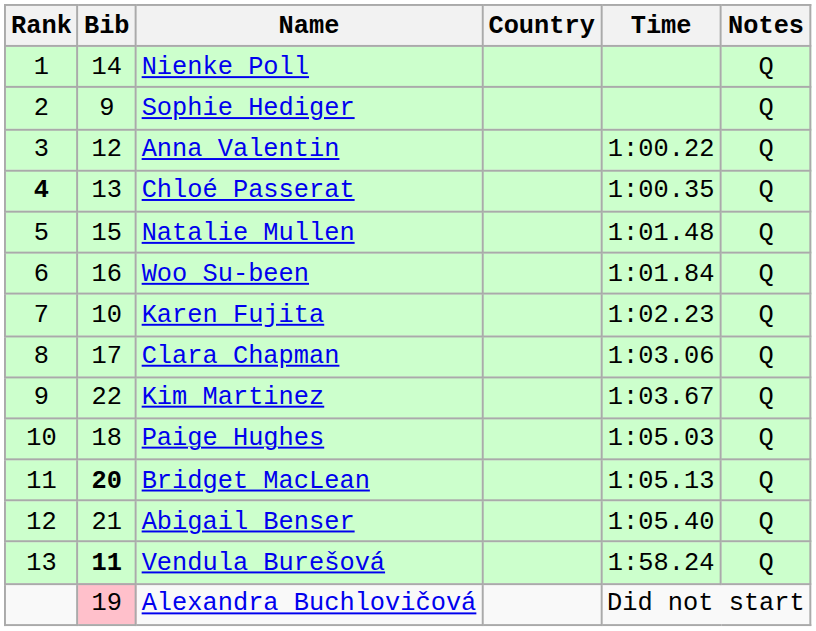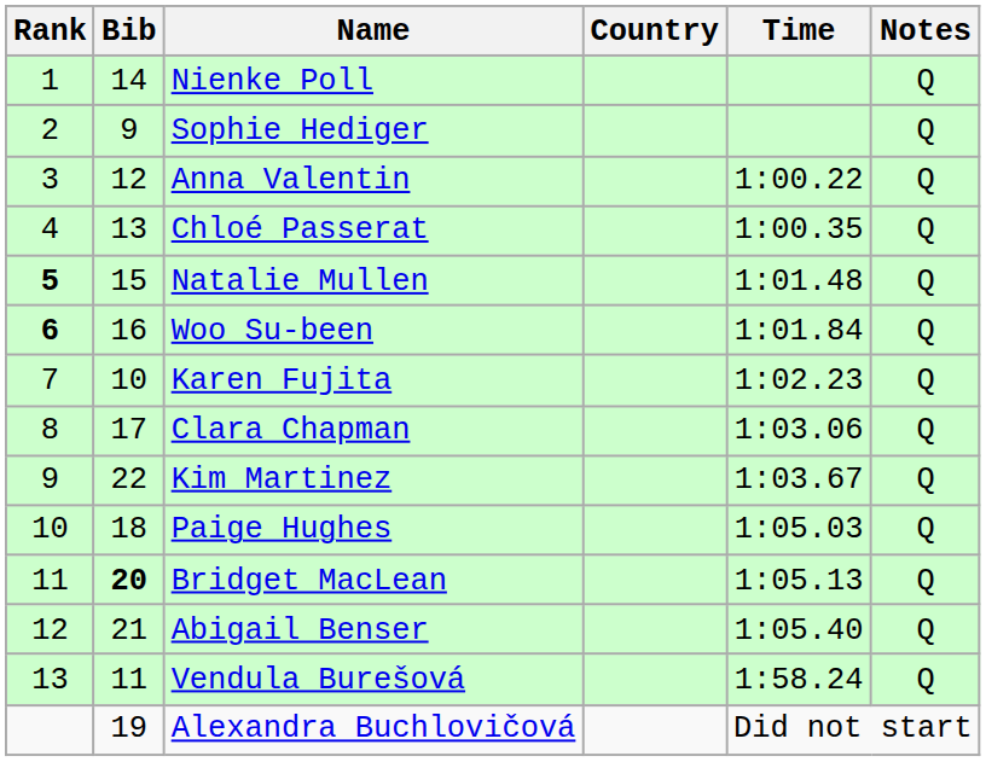 <table class="wikitable sortable" style="text-align:center">
 <tr>
 <th>Rank</th>
 <th>Bib</th>
 <th>Name</th>
 <th>Country</th>
 <th>Time</th>
 <th>Notes</th>
 </tr>
 <tr bgcolor=ccffcc>
 <td>1</td>
 <td>14</td>
 <td align=left><a href='#'>Nienke Poll</a></td>
 <td align=left></td>
 <td></td>
 <td>Q</td>
 </tr>
 <tr bgcolor=ccffcc>
 <td>2</td>
 <td>9</td>
 <td align=left><a href='#'>Sophie Hediger</a></td>
 <td align=left></td>
 <td></td>
 <td>Q</td>
 </tr>
 <tr bgcolor=ccffcc>
 <td>3</td>
 <td>12</td>
 <td align=left><a href='#'>Anna Valentin</a></td>
 <td align=left></td>
 <td>1:00.22</td>
 <td>Q</td>
 </tr>
 <tr bgcolor=ccffcc>
-<td><strong>4</strong></td>
+<td>4</td>
 <td>13</td>
 <td align=left><a href='#'>Chloé Passerat</a></td>
 <td align=left></td>
 <td>1:00.35</td>
 <td>Q</td>
 </tr>
 <tr bgcolor=ccffcc>
-<td>5</td>
+<td><strong>5</strong></td>
 <td>15</td>
 <td align=left><a href='#'>Natalie Mullen</a></td>
 <td align=left></td>
 <td>1:01.48</td>
 <td>Q</td>
 </tr>
 <tr bgcolor=ccffcc>
-<td>6</td>
+<td><strong>6</strong></td>
 <td>16</td>
 <td align=left><a href='#'>Woo Su-been</a></td>
 <td align=left></td>
 <td>1:01.84</td>
 <td>Q</td>
 </tr>
 <tr bgcolor=ccffcc>
 <td>7</td>
 <td>10</td>
 <td align=left><a href='#'>Karen Fujita</a></td>
 <td align=left></td>
 <td>1:02.23</td>
 <td>Q</td>
 </tr>
 <tr bgcolor=ccffcc>
 <td>8</td>
 <td>17</td>
 <td align=left><a href='#'>Clara Chapman</a></td>
 <td align=left></td>
 <td>1:03.06</td>
 <td>Q</td>
 </tr>
 <tr bgcolor=ccffcc>
 <td>9</td>
 <td>22</td>
 <td align=left><a href='#'>Kim Martinez</a></td>
 <td align=left></td>
 <td>1:03.67</td>
 <td>Q</td>
 </tr>
 <tr bgcolor=ccffcc>
 <td>10</td>
 <td>18</td>
 <td align=left><a href='#'>Paige Hughes</a></td>
 <td align=left></td>
 <td>1:05.03</td>
 <td>Q</td>
 </tr>
 <tr bgcolor=ccffcc>
 <td>11</td>
 <td><strong>20</strong></td>
 <td align=left><a href='#'>Bridget MacLean</a></td>
 <td align=left></td>
 <td>1:05.13</td>
 <td>Q</td>
 </tr>
 <tr bgcolor=ccffcc>
 <td>12</td>
 <td>21</td>
 <td align=left><a href='#'>Abigail Benser</a></td>
 <td align=left></td>
 <td>1:05.40</td>
 <td>Q</td>
 </tr>
 <tr bgcolor=ccffcc>
 <td>13</td>
-<td><strong>11</strong></td>
+<td>11</td>
 <td align=left><a href='#'>Vendula Burešová</a></td>
 <td align=left></td>
 <td>1:58.24</td>
 <td>Q</td>
 </tr>
 <tr>
 <td></td>
-<td style="background: pink;">19</td>
+<td>19</td>
 <td align=left><a href='#'>Alexandra Buchlovičová</a></td>
 <td align=left></td>
 <td colspan=2>Did not start</td>
 </tr>
 </table>
